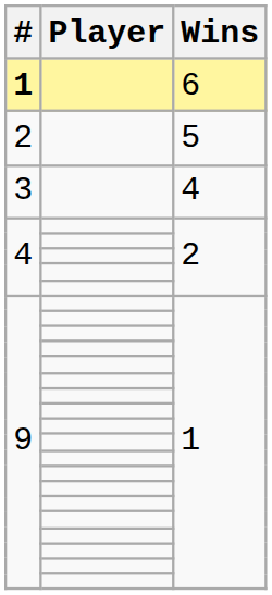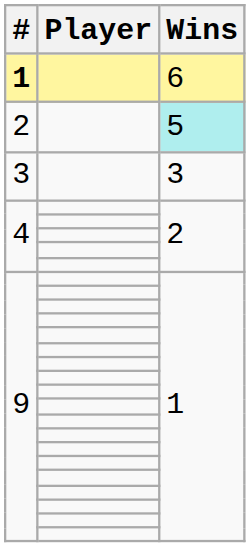 <table class="wikitable sortable">
 <tr>
 <th>#</th>
 <th>Player</th>
 <th>Wins</th>
 </tr>
 <tr style="background:#FFF69F">
 <td rowspan="1"><strong>1</strong></td>
 <td style="text-align:left"></td>
 <td rowspan="1">6</td>
 </tr>
 <tr>
 <td rowspan="1">2</td>
 <td style="text-align:left"></td>
-<td rowspan="1">5</td>
+<td rowspan="1" style="background: paleturquoise;">5</td>
 </tr>
 <tr>
 <td rowspan="1">3</td>
 <td style="text-align:left"></td>
-<td rowspan="1">4</td>
+<td rowspan="1">3</td>
 </tr>
 <tr>
 <td rowspan="5">4</td>
 <td style="text-align:left"></td>
 <td rowspan="5">2</td>
 </tr>
 <tr>
 <td style="text-align:left"></td>
 </tr>
 <tr>
 <td style="text-align:left"></td>
 </tr>
 <tr>
 <td style="text-align:left"></td>
 </tr>
 <tr>
 <td style="text-align:left"></td>
 </tr>
 <tr>
 <td rowspan="19">9</td>
 <td style="text-align:left"></td>
 <td rowspan="19">1</td>
 </tr>
 <tr>
 <td style="text-align:left"></td>
 </tr>
 <tr>
 <td style="text-align:left"></td>
 </tr>
 <tr>
 <td style="text-align:left"></td>
 </tr>
 <tr>
 <td style="text-align:left"></td>
 </tr>
 <tr>
 <td style="text-align:left"></td>
 </tr>
 <tr>
 <td style="text-align:left"></td>
 </tr>
 <tr>
 <td style="text-align:left"></td>
 </tr>
 <tr>
 <td style="text-align:left"></td>
 </tr>
 <tr>
 <td style="text-align:left"></td>
 </tr>
 <tr>
 <td style="text-align:left"></td>
 </tr>
 <tr>
 <td style="text-align:left"></td>
 </tr>
 <tr>
 <td style="text-align:left"></td>
 </tr>
 <tr>
 <td style="text-align:left"></td>
 </tr>
 <tr>
 <td style="text-align:left"></td>
 </tr>
 <tr>
 <td style="text-align:left"></td>
 </tr>
 <tr>
 <td style="text-align:left"></td>
 </tr>
 <tr>
 <td style="text-align:left"></td>
 </tr>
 <tr>
 <td style="text-align:left"></td>
 </tr>
 </table>
